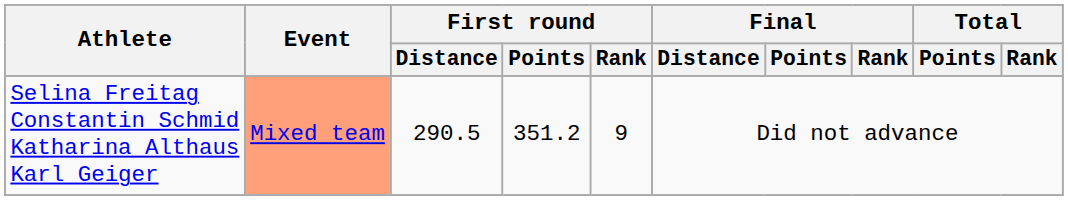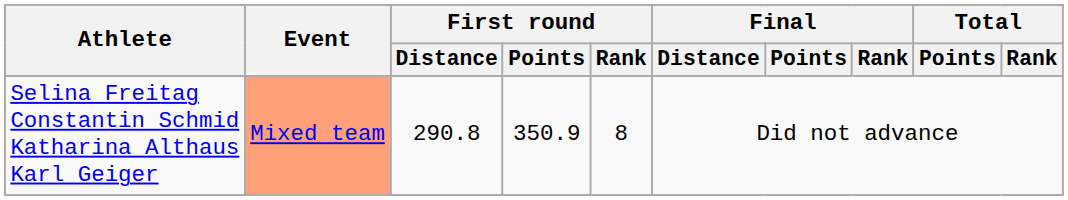 <table class="wikitable" style="font-size:90%">
 <tr>
 <th rowspan=2>Athlete</th>
 <th rowspan=2>Event</th>
 <th colspan=3>First round</th>
 <th colspan=3>Final</th>
 <th colspan=2>Total</th>
 </tr>
 <tr style="font-size:95%">
 <th>Distance</th>
 <th>Points</th>
 <th>Rank</th>
 <th>Distance</th>
 <th>Points</th>
 <th>Rank</th>
 <th>Points</th>
 <th>Rank</th>
 </tr>
 <tr align=center>
 <td align=left><a href='#'>Selina Freitag</a><br><a href='#'>Constantin Schmid</a><br><a href='#'>Katharina Althaus</a><br><a href='#'>Karl Geiger</a></td>
 <td align=left style="background: lightsalmon;"><a href='#'>Mixed team</a></td>
-<td>290.5</td>
-<td>351.2</td>
-<td>9</td>
+<td>290.8</td>
+<td>350.9</td>
+<td>8</td>
 <td colspan=5>Did not advance</td>
 </tr>
 </table>
